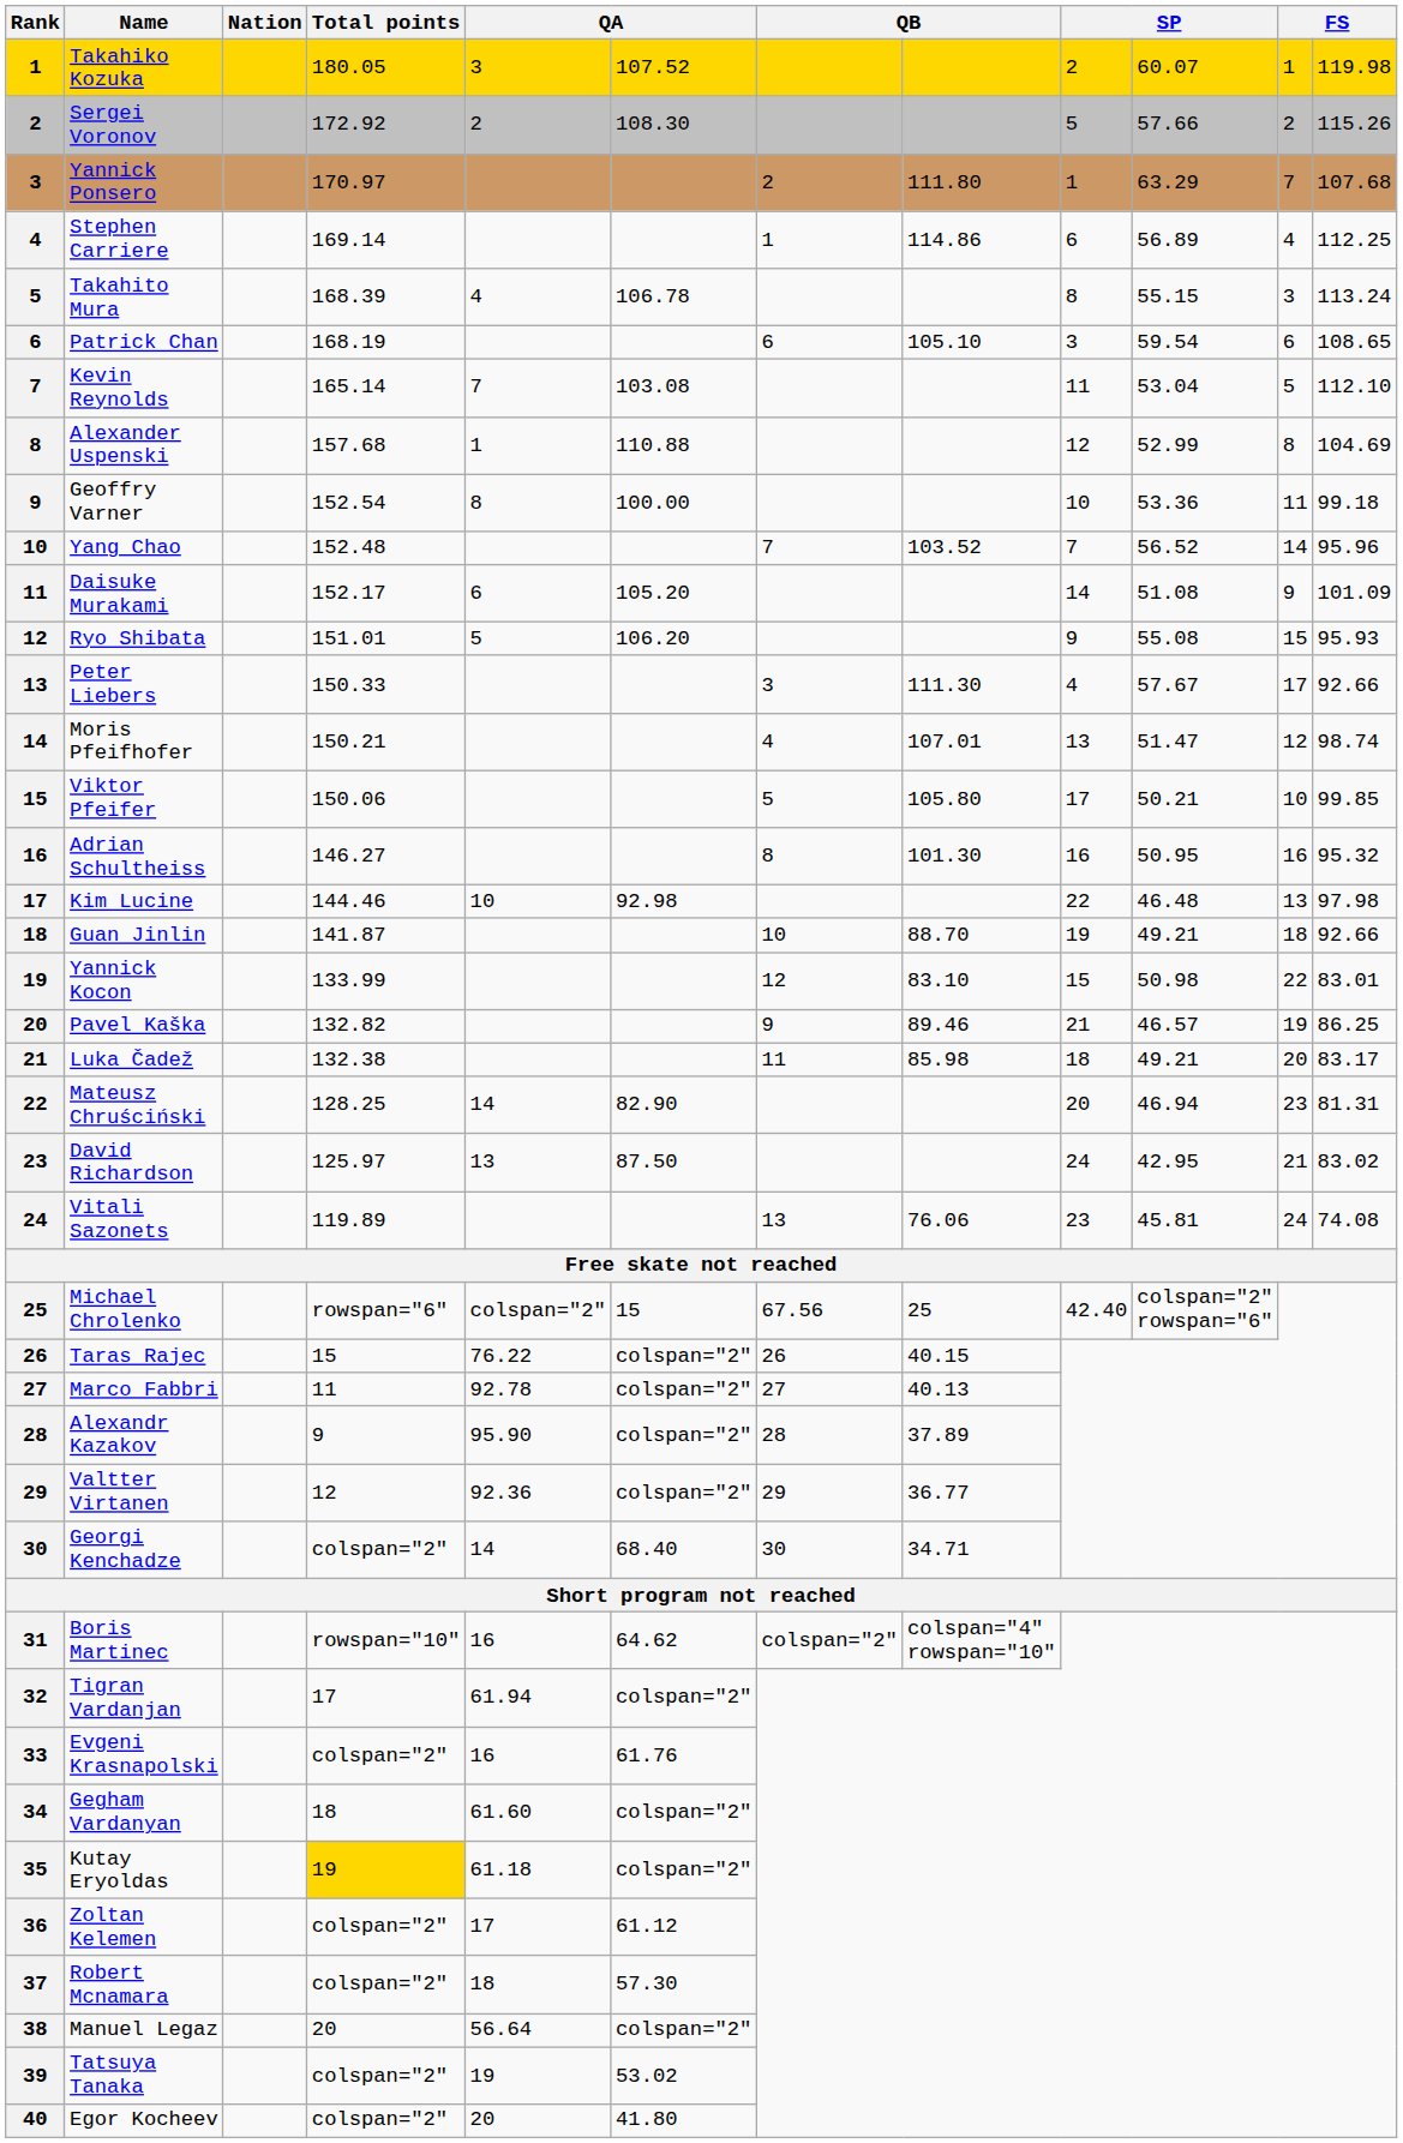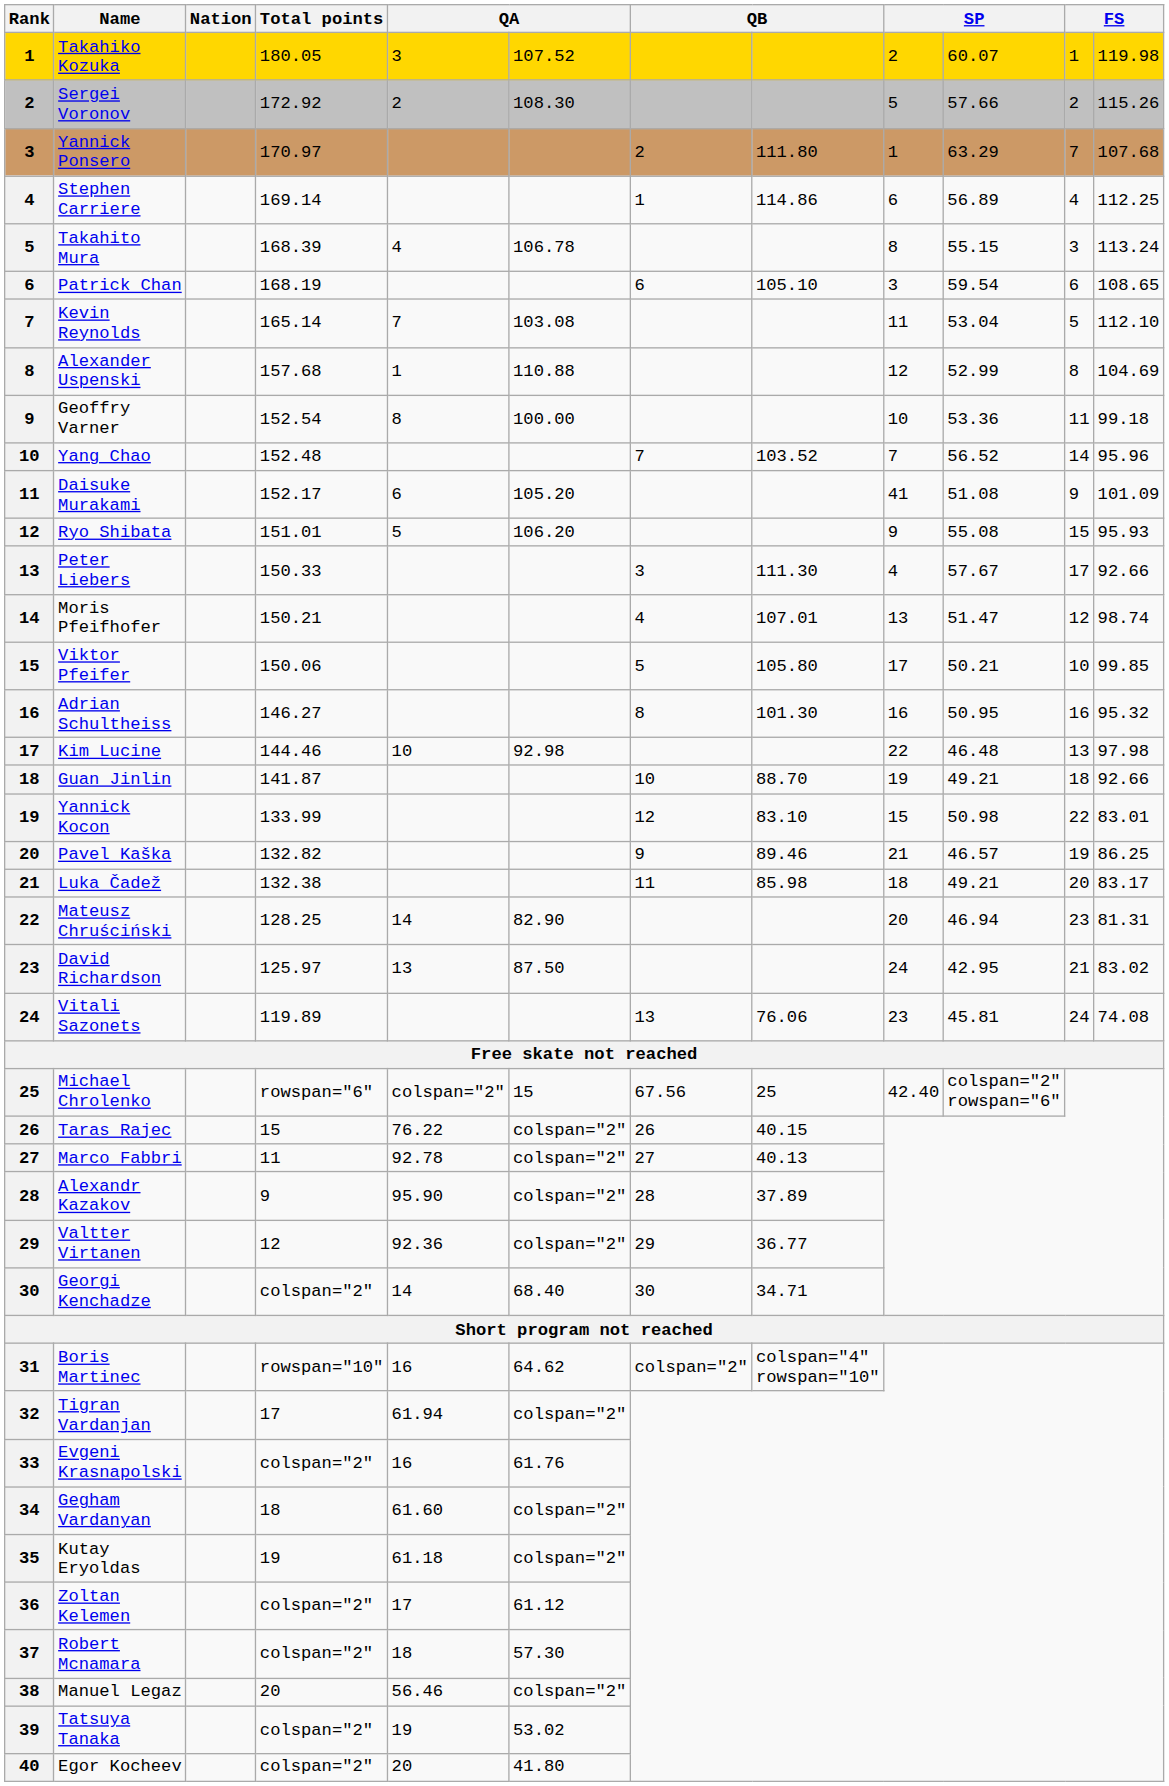 <table class="wikitable">
 <tr>
 <th>Rank</th>
 <th>Name</th>
 <th>Nation</th>
 <th>Total points</th>
 <th colspan="2" width="80px">QA</th>
 <th colspan="2" width="80px">QB</th>
 <th colspan="2" width="80px"><a href='#'>SP</a></th>
 <th colspan="2" width="80px"><a href='#'>FS</a></th>
 </tr>
 <tr bgcolor=gold>
 <td align=center><strong>1</strong></td>
 <td><a href='#'>Takahiko Kozuka</a></td>
 <td></td>
 <td>180.05</td>
 <td>3</td>
 <td>107.52</td>
 <td></td>
 <td></td>
 <td>2</td>
 <td>60.07</td>
 <td>1</td>
 <td>119.98</td>
 </tr>
 <tr bgcolor=silver>
 <td align=center><strong>2</strong></td>
 <td><a href='#'>Sergei Voronov</a></td>
 <td></td>
 <td>172.92</td>
 <td>2</td>
 <td>108.30</td>
 <td></td>
 <td></td>
 <td>5</td>
 <td>57.66</td>
 <td>2</td>
 <td>115.26</td>
 </tr>
 <tr bgcolor=cc9966>
 <td align=center><strong>3</strong></td>
 <td><a href='#'>Yannick Ponsero</a></td>
 <td></td>
 <td>170.97</td>
 <td></td>
 <td></td>
 <td>2</td>
 <td>111.80</td>
 <td>1</td>
 <td>63.29</td>
 <td>7</td>
 <td>107.68</td>
 </tr>
 <tr>
 <th>4</th>
 <td><a href='#'>Stephen Carriere</a></td>
 <td></td>
 <td>169.14</td>
 <td></td>
 <td></td>
 <td>1</td>
 <td>114.86</td>
 <td>6</td>
 <td>56.89</td>
 <td>4</td>
 <td>112.25</td>
 </tr>
 <tr>
 <th>5</th>
 <td><a href='#'>Takahito Mura</a></td>
 <td></td>
 <td>168.39</td>
 <td>4</td>
 <td>106.78</td>
 <td></td>
 <td></td>
 <td>8</td>
 <td>55.15</td>
 <td>3</td>
 <td>113.24</td>
 </tr>
 <tr>
 <th>6</th>
 <td><a href='#'>Patrick Chan</a></td>
 <td></td>
 <td>168.19</td>
 <td></td>
 <td></td>
 <td>6</td>
 <td>105.10</td>
 <td>3</td>
 <td>59.54</td>
 <td>6</td>
 <td>108.65</td>
 </tr>
 <tr>
 <th>7</th>
 <td><a href='#'>Kevin Reynolds</a></td>
 <td></td>
 <td>165.14</td>
 <td>7</td>
 <td>103.08</td>
 <td></td>
 <td></td>
 <td>11</td>
 <td>53.04</td>
 <td>5</td>
 <td>112.10</td>
 </tr>
 <tr>
 <th>8</th>
 <td><a href='#'>Alexander Uspenski</a></td>
 <td></td>
 <td>157.68</td>
 <td>1</td>
 <td>110.88</td>
 <td></td>
 <td></td>
 <td>12</td>
 <td>52.99</td>
 <td>8</td>
 <td>104.69</td>
 </tr>
 <tr>
 <th>9</th>
 <td>Geoffry Varner</td>
 <td></td>
 <td>152.54</td>
 <td>8</td>
 <td>100.00</td>
 <td></td>
 <td></td>
 <td>10</td>
 <td>53.36</td>
 <td>11</td>
 <td>99.18</td>
 </tr>
 <tr>
 <th>10</th>
 <td><a href='#'>Yang Chao</a></td>
 <td></td>
 <td>152.48</td>
 <td></td>
 <td></td>
 <td>7</td>
 <td>103.52</td>
 <td>7</td>
 <td>56.52</td>
 <td>14</td>
 <td>95.96</td>
 </tr>
 <tr>
 <th>11</th>
 <td><a href='#'>Daisuke Murakami</a></td>
 <td></td>
 <td>152.17</td>
 <td>6</td>
 <td>105.20</td>
 <td></td>
 <td></td>
-<td>14</td>
+<td>41</td>
 <td>51.08</td>
 <td>9</td>
 <td>101.09</td>
 </tr>
 <tr>
 <th>12</th>
 <td><a href='#'>Ryo Shibata</a></td>
 <td></td>
 <td>151.01</td>
 <td>5</td>
 <td>106.20</td>
 <td></td>
 <td></td>
 <td>9</td>
 <td>55.08</td>
 <td>15</td>
 <td>95.93</td>
 </tr>
 <tr>
 <th>13</th>
 <td><a href='#'>Peter Liebers</a></td>
 <td></td>
 <td>150.33</td>
 <td></td>
 <td></td>
 <td>3</td>
 <td>111.30</td>
 <td>4</td>
 <td>57.67</td>
 <td>17</td>
 <td>92.66</td>
 </tr>
 <tr>
 <th>14</th>
 <td>Moris Pfeifhofer</td>
 <td></td>
 <td>150.21</td>
 <td></td>
 <td></td>
 <td>4</td>
 <td>107.01</td>
 <td>13</td>
 <td>51.47</td>
 <td>12</td>
 <td>98.74</td>
 </tr>
 <tr>
 <th>15</th>
 <td><a href='#'>Viktor Pfeifer</a></td>
 <td></td>
 <td>150.06</td>
 <td></td>
 <td></td>
 <td>5</td>
 <td>105.80</td>
 <td>17</td>
 <td>50.21</td>
 <td>10</td>
 <td>99.85</td>
 </tr>
 <tr>
 <th>16</th>
 <td><a href='#'>Adrian Schultheiss</a></td>
 <td></td>
 <td>146.27</td>
 <td></td>
 <td></td>
 <td>8</td>
 <td>101.30</td>
 <td>16</td>
 <td>50.95</td>
 <td>16</td>
 <td>95.32</td>
 </tr>
 <tr>
 <th>17</th>
 <td><a href='#'>Kim Lucine</a></td>
 <td></td>
 <td>144.46</td>
 <td>10</td>
 <td>92.98</td>
 <td></td>
 <td></td>
 <td>22</td>
 <td>46.48</td>
 <td>13</td>
 <td>97.98</td>
 </tr>
 <tr>
 <th>18</th>
 <td><a href='#'>Guan Jinlin</a></td>
 <td></td>
 <td>141.87</td>
 <td></td>
 <td></td>
 <td>10</td>
 <td>88.70</td>
 <td>19</td>
 <td>49.21</td>
 <td>18</td>
 <td>92.66</td>
 </tr>
 <tr>
 <th>19</th>
 <td><a href='#'>Yannick Kocon</a></td>
 <td></td>
 <td>133.99</td>
 <td></td>
 <td></td>
 <td>12</td>
 <td>83.10</td>
 <td>15</td>
 <td>50.98</td>
 <td>22</td>
 <td>83.01</td>
 </tr>
 <tr>
 <th>20</th>
 <td><a href='#'>Pavel Kaška</a></td>
 <td></td>
 <td>132.82</td>
 <td></td>
 <td></td>
 <td>9</td>
 <td>89.46</td>
 <td>21</td>
 <td>46.57</td>
 <td>19</td>
 <td>86.25</td>
 </tr>
 <tr>
 <th>21</th>
 <td><a href='#'>Luka Čadež</a></td>
 <td></td>
 <td>132.38</td>
 <td></td>
 <td></td>
 <td>11</td>
 <td>85.98</td>
 <td>18</td>
 <td>49.21</td>
 <td>20</td>
 <td>83.17</td>
 </tr>
 <tr>
 <th>22</th>
 <td><a href='#'>Mateusz Chruściński</a></td>
 <td></td>
 <td>128.25</td>
 <td>14</td>
 <td>82.90</td>
 <td></td>
 <td></td>
 <td>20</td>
 <td>46.94</td>
 <td>23</td>
 <td>81.31</td>
 </tr>
 <tr>
 <th>23</th>
 <td><a href='#'>David Richardson</a></td>
 <td></td>
 <td>125.97</td>
 <td>13</td>
 <td>87.50</td>
 <td></td>
 <td></td>
 <td>24</td>
 <td>42.95</td>
 <td>21</td>
 <td>83.02</td>
 </tr>
 <tr>
 <th>24</th>
 <td><a href='#'>Vitali Sazonets</a></td>
 <td></td>
 <td>119.89</td>
 <td></td>
 <td></td>
 <td>13</td>
 <td>76.06</td>
 <td>23</td>
 <td>45.81</td>
 <td>24</td>
 <td>74.08</td>
 </tr>
 <tr>
 <th colspan=12>Free skate not reached</th>
 </tr>
 <tr>
 <th>25</th>
 <td><a href='#'>Michael Chrolenko</a></td>
 <td></td>
 <td>rowspan="6" </td>
 <td>colspan="2" </td>
 <td>15</td>
 <td>67.56</td>
 <td>25</td>
 <td>42.40</td>
 <td>colspan="2" rowspan="6" </td>
 </tr>
 <tr>
 <th>26</th>
 <td><a href='#'>Taras Rajec</a></td>
 <td></td>
 <td>15</td>
 <td>76.22</td>
 <td>colspan="2" </td>
 <td>26</td>
 <td>40.15</td>
 </tr>
 <tr>
 <th>27</th>
 <td><a href='#'>Marco Fabbri</a></td>
 <td></td>
 <td>11</td>
 <td>92.78</td>
 <td>colspan="2" </td>
 <td>27</td>
 <td>40.13</td>
 </tr>
 <tr>
 <th>28</th>
 <td><a href='#'>Alexandr Kazakov</a></td>
 <td></td>
 <td>9</td>
 <td>95.90</td>
 <td>colspan="2" </td>
 <td>28</td>
 <td>37.89</td>
 </tr>
 <tr>
 <th>29</th>
 <td><a href='#'>Valtter Virtanen</a></td>
 <td></td>
 <td>12</td>
 <td>92.36</td>
 <td>colspan="2" </td>
 <td>29</td>
 <td>36.77</td>
 </tr>
 <tr>
 <th>30</th>
 <td><a href='#'>Georgi Kenchadze</a></td>
 <td></td>
 <td>colspan="2" </td>
 <td>14</td>
 <td>68.40</td>
 <td>30</td>
 <td>34.71</td>
 </tr>
 <tr>
 <th colspan=12>Short program not reached</th>
 </tr>
 <tr>
 <th>31</th>
 <td><a href='#'>Boris Martinec</a></td>
 <td></td>
 <td>rowspan="10" </td>
 <td>16</td>
 <td>64.62</td>
 <td>colspan="2" </td>
 <td>colspan="4" rowspan="10" </td>
 </tr>
 <tr>
 <th>32</th>
 <td><a href='#'>Tigran Vardanjan</a></td>
 <td></td>
 <td>17</td>
 <td>61.94</td>
 <td>colspan="2" </td>
 </tr>
 <tr>
 <th>33</th>
 <td><a href='#'>Evgeni Krasnapolski</a></td>
 <td></td>
 <td>colspan="2" </td>
 <td>16</td>
 <td>61.76</td>
 </tr>
 <tr>
 <th>34</th>
 <td><a href='#'>Gegham Vardanyan</a></td>
 <td></td>
 <td>18</td>
 <td>61.60</td>
 <td>colspan="2" </td>
 </tr>
 <tr>
 <th>35</th>
 <td>Kutay Eryoldas</td>
 <td></td>
-<td style="background: gold;">19</td>
+<td>19</td>
 <td>61.18</td>
 <td>colspan="2" </td>
 </tr>
 <tr>
 <th>36</th>
 <td><a href='#'>Zoltan Kelemen</a></td>
 <td></td>
 <td>colspan="2" </td>
 <td>17</td>
 <td>61.12</td>
 </tr>
 <tr>
 <th>37</th>
 <td><a href='#'>Robert Mcnamara</a></td>
 <td></td>
 <td>colspan="2" </td>
 <td>18</td>
 <td>57.30</td>
 </tr>
 <tr>
 <th>38</th>
 <td>Manuel Legaz</td>
 <td></td>
 <td>20</td>
-<td>56.64</td>
+<td>56.46</td>
 <td>colspan="2" </td>
 </tr>
 <tr>
 <th>39</th>
 <td><a href='#'>Tatsuya Tanaka</a></td>
 <td></td>
 <td>colspan="2" </td>
 <td>19</td>
 <td>53.02</td>
 </tr>
 <tr>
 <th>40</th>
 <td>Egor Kocheev</td>
 <td></td>
 <td>colspan="2" </td>
 <td>20</td>
 <td>41.80</td>
 </tr>
 </table>
